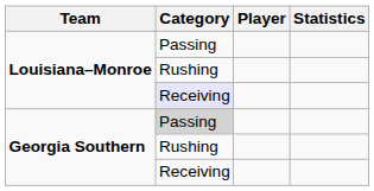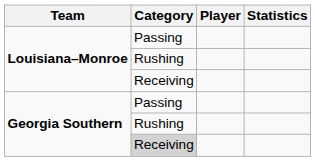 <table class="wikitable" style="float: left;">
 <tr>
 <th>Team</th>
 <th>Category</th>
 <th>Player</th>
 <th>Statistics</th>
 </tr>
 <tr>
 <td rowspan=3><strong>Louisiana–Monroe</strong></td>
 <td>Passing</td>
 <td></td>
 <td></td>
 </tr>
 <tr>
 <td>Rushing</td>
 <td></td>
 <td></td>
 </tr>
 <tr>
-<td style="background: lavender;">Receiving</td>
+<td>Receiving</td>
 <td></td>
 <td></td>
 </tr>
 <tr>
 <td rowspan=3><strong>Georgia Southern</strong></td>
-<td style="background: lightgrey;">Passing</td>
+<td>Passing</td>
 <td></td>
 <td></td>
 </tr>
 <tr>
 <td>Rushing</td>
 <td></td>
 <td></td>
 </tr>
 <tr>
-<td>Receiving</td>
+<td style="background: lightgrey;">Receiving</td>
 <td></td>
 <td></td>
 </tr>
 </table>
